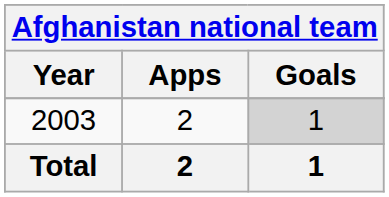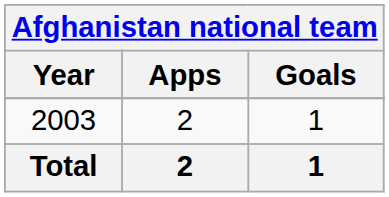 <table class="wikitable" style="text-align:center">
 <tr>
 <th colspan=3><a href='#'>Afghanistan national team</a></th>
 </tr>
 <tr>
 <th>Year</th>
 <th>Apps</th>
 <th>Goals</th>
 </tr>
 <tr>
 </tr>
 <tr>
 <td>2003</td>
 <td>2</td>
-<td style="background: lightgrey;">1</td>
+<td>1</td>
 </tr>
 <tr>
 <th>Total</th>
 <th>2</th>
 <th>1</th>
 </tr>
 </table>
